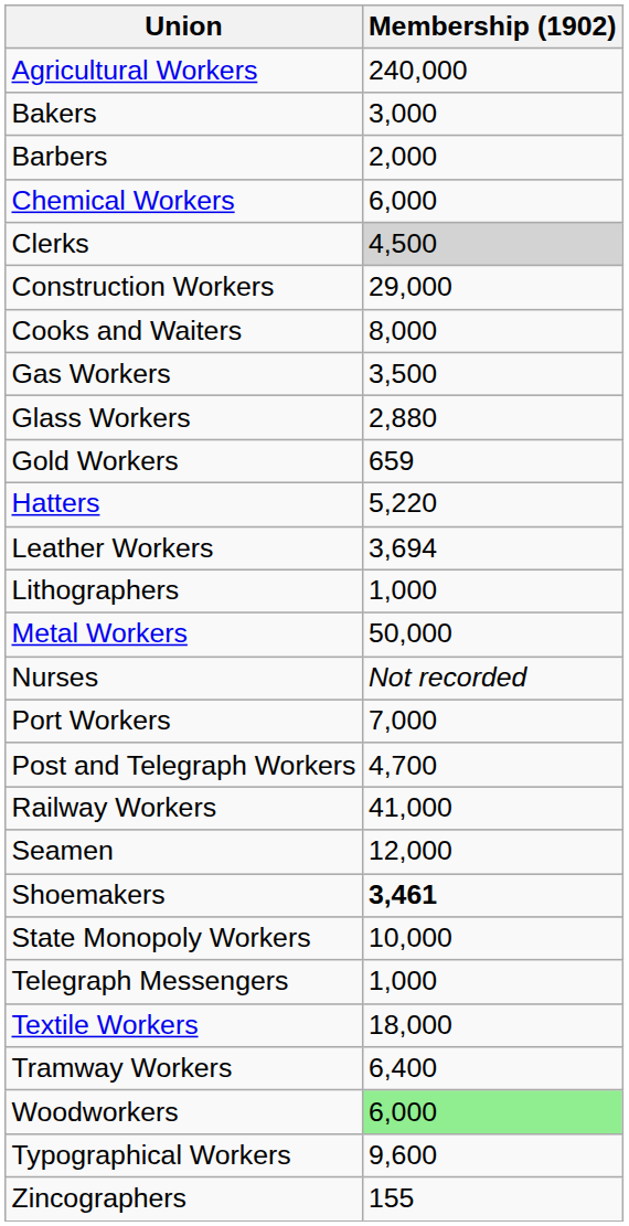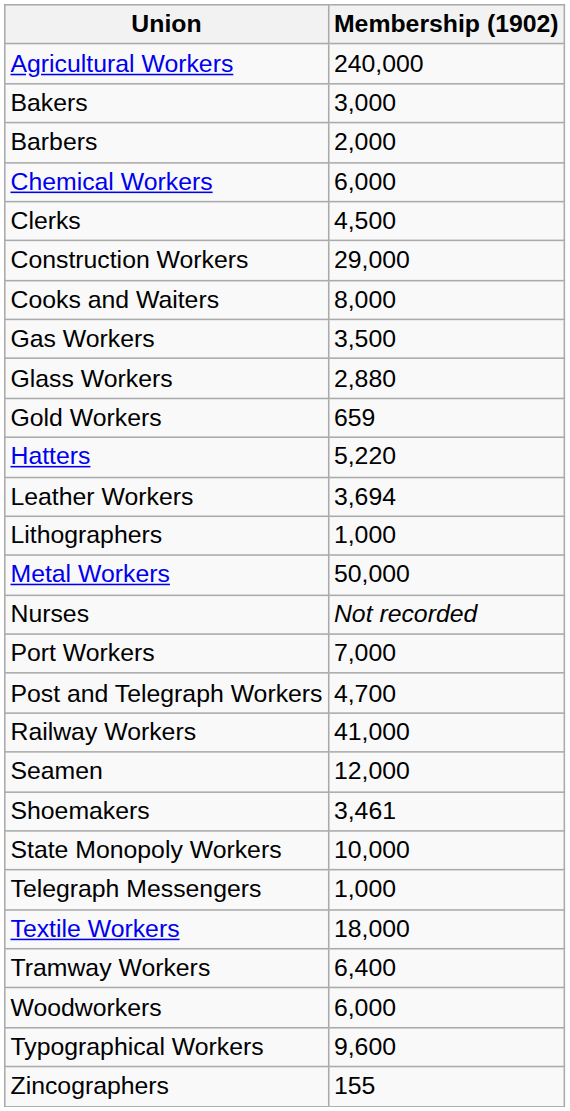 <table class="wikitable sortable">
 <tr>
 <th>Union</th>
 <th>Membership (1902)</th>
 </tr>
 <tr>
 <td><a href='#'>Agricultural Workers</a></td>
 <td>240,000</td>
 </tr>
 <tr>
 <td>Bakers</td>
 <td>3,000</td>
 </tr>
 <tr>
 <td>Barbers</td>
 <td>2,000</td>
 </tr>
 <tr>
 <td><a href='#'>Chemical Workers</a></td>
 <td>6,000</td>
 </tr>
 <tr>
 <td>Clerks</td>
-<td style="background: lightgrey;">4,500</td>
+<td>4,500</td>
 </tr>
 <tr>
 <td>Construction Workers</td>
 <td>29,000</td>
 </tr>
 <tr>
 <td>Cooks and Waiters</td>
 <td>8,000</td>
 </tr>
 <tr>
 <td>Gas Workers</td>
 <td>3,500</td>
 </tr>
 <tr>
 <td>Glass Workers</td>
 <td>2,880</td>
 </tr>
 <tr>
 <td>Gold Workers</td>
 <td>659</td>
 </tr>
 <tr>
 <td><a href='#'>Hatters</a></td>
 <td>5,220</td>
 </tr>
 <tr>
 <td>Leather Workers</td>
 <td>3,694</td>
 </tr>
 <tr>
 <td>Lithographers</td>
 <td>1,000</td>
 </tr>
 <tr>
 <td><a href='#'>Metal Workers</a></td>
 <td>50,000</td>
 </tr>
 <tr>
 <td>Nurses</td>
 <td><em>Not recorded</em></td>
 </tr>
 <tr>
 <td>Port Workers</td>
 <td>7,000</td>
 </tr>
 <tr>
 <td>Post and Telegraph Workers</td>
 <td>4,700</td>
 </tr>
 <tr>
 <td>Railway Workers</td>
 <td>41,000</td>
 </tr>
 <tr>
 <td>Seamen</td>
 <td>12,000</td>
 </tr>
 <tr>
 <td>Shoemakers</td>
-<td><strong>3,461</strong></td>
+<td>3,461</td>
 </tr>
 <tr>
 <td>State Monopoly Workers</td>
 <td>10,000</td>
 </tr>
 <tr>
 <td>Telegraph Messengers</td>
 <td>1,000</td>
 </tr>
 <tr>
 <td><a href='#'>Textile Workers</a></td>
 <td>18,000</td>
 </tr>
 <tr>
 <td>Tramway Workers</td>
 <td>6,400</td>
 </tr>
 <tr>
 <td>Woodworkers</td>
-<td style="background: lightgreen;">6,000</td>
+<td>6,000</td>
 </tr>
 <tr>
 <td>Typographical Workers</td>
 <td>9,600</td>
 </tr>
 <tr>
 <td>Zincographers</td>
 <td>155</td>
 </tr>
 </table>
